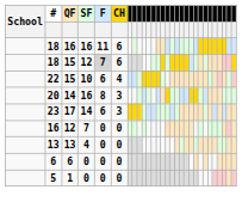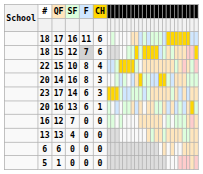 <table class="wikitable sortable sticky-table-head sticky-table-col1" style="font-size:90%; text-align: center;">
 <tr>
 <th rowspan=2>School</th>
 <th style="background: #FFFFFF;">#</th>
 <th style="background: #FFE6BD;">QF</th>
 <th style="background: #ddffdd;">SF</th>
 <th style="background: #D0E7FF;">F</th>
 <th style="background: gold;">CH</th>
 <th style="background: #000000;"></th>
 <th style="background: #000000;"></th>
 <th style="background: #000000;"></th>
 <th style="background: #000000;"></th>
 <th style="background: #000000;"></th>
 <th style="background: #000000;"></th>
 <th style="background: #000000;"></th>
 <th style="background: #000000;"></th>
 <th style="background: #000000;"></th>
 <th style="background: #000000;"></th>
 <th style="background: #000000;"></th>
 <th style="background: #000000;"></th>
 <th style="background: #000000;"></th>
 <th style="background: #000000;"></th>
 <th style="background: #000000;"></th>
 <th style="background: #000000;"></th>
 <th style="background: #000000;"></th>
 <th style="background: #000000;"></th>
 <th style="background: #000000;"></th>
 <th style="background: #000000;"></th>
 <th style="background: #000000;"></th>
 <th style="background: #000000;"></th>
 <th style="background: #000000;"></th>
 </tr>
 <tr>
 <th class="sticky-table-none"><br></th>
 <th></th>
 <th></th>
 <th></th>
 <th></th>
 <th></th>
 <th></th>
 <th></th>
 <th></th>
 <th></th>
 <th></th>
 <th></th>
 <th></th>
 <th></th>
 <th></th>
 <th></th>
 <th></th>
 <th></th>
 <th></th>
 <th></th>
 <th></th>
 <th></th>
 <th></th>
 <th></th>
 <th></th>
 <th></th>
 <th></th>
 <th></th>
 </tr>
 <tr>
 <td><strong></strong></td>
 <td><strong>18</strong></td>
-<td><strong>16</strong></td>
+<td><strong>17</strong></td>
 <td><strong>16</strong></td>
 <td><strong>11</strong></td>
 <td><strong>6</strong></td>
 <td></td>
 <td style="background:#ddffdd"><strong></strong></td>
 <td></td>
 <td></td>
 <td></td>
 <td></td>
 <td style="background:#FFE6BD"><strong></strong></td>
 <td style="background:#FFE6BD"><strong></strong></td>
 <td style="background:#D0E7FF"><strong></strong></td>
 <td style="background:#ddffdd"><strong></strong></td>
 <td style="background:#D0E7FF"><strong></strong></td>
 <td style="background:#ddffdd"><strong></strong></td>
 <td style="background:#ddffdd"><strong></strong></td>
 <td style="background:#ddffdd"><strong></strong></td>
 <td style="background:#D0E7FF"><strong></strong></td>
 <td style="background:gold;"><strong></strong></td>
 <td style="background:gold;"><strong></strong></td>
 <td style="background:gold;"><strong></strong></td>
 <td style="background:gold;"><strong></strong></td>
 <td style="background:gold;"><strong></strong></td>
 <td style="background:gold;"><strong></strong></td>
 <td style="background:#D0E7FF"><strong></strong></td>
 <td style="background:#D0E7FF"><strong></strong></td>
 </tr>
 <tr>
 <td><strong></strong></td>
 <td><strong>18</strong></td>
 <td><strong>15</strong></td>
 <td><strong>12</strong></td>
 <td style="background: lightgrey;"><strong>7</strong></td>
 <td><strong>6</strong></td>
 <td style="background:#dddddd"><strong></strong></td>
 <td style="background:#dddddd"><strong></strong></td>
 <td style="background:#dddddd"><strong></strong></td>
 <td></td>
 <td></td>
 <td style="background:#ddffdd"><strong></strong></td>
 <td style="background:#ddffdd"><strong></strong></td>
 <td style="background:gold;"><strong></strong></td>
 <td style="background:#ddffdd"><strong></strong></td>
 <td style="background:gold;"><strong></strong></td>
 <td style="background:gold;"><strong></strong></td>
 <td style="background:gold;"><strong></strong></td>
 <td style="background:gold;"><strong></strong></td>
 <td style="background:#D0E7FF"><strong></strong></td>
 <td style="background:#ddffdd"><strong></strong></td>
 <td style="background:#FFE6BD"><strong></strong></td>
 <td style="background:#ddffdd"><strong></strong></td>
 <td style="background:#FFE6BD"><strong></strong></td>
 <td style="background:#FFE6BD"><strong></strong></td>
 <td style="background:#FFE6BD"><strong></strong></td>
 <td style="background:#FFCCCC"><strong></strong></td>
 <td style="background:#FFCCCC"><strong></strong></td>
 <td style="background:gold;"><strong></strong></td>
 </tr>
 <tr>
 <td><strong></strong></td>
 <td><strong>22</strong></td>
 <td><strong>15</strong></td>
 <td><strong>10</strong></td>
-<td><strong>6</strong></td>
+<td><strong>8</strong></td>
 <td><strong>4</strong></td>
 <td style="background:#D0E7FF"><strong></strong></td>
 <td style="background:#D0E7FF"><strong></strong></td>
 <td style="background:#ddffdd"><strong></strong></td>
 <td style="background:gold;"><strong></strong></td>
 <td style="background:gold;"><strong></strong></td>
 <td style="background:gold;"><strong></strong></td>
 <td style="background:gold;"><strong></strong></td>
 <td style="background:#ddffdd"><strong></strong></td>
 <td></td>
 <td style="background:#FFE6BD"><strong></strong></td>
 <td style="background:#FFE6BD"><strong></strong></td>
 <td style="background:#FFE6BD"><strong></strong></td>
 <td style="background:#FFE6BD"><strong></strong></td>
 <td style="background:#FFE6BD"><strong></strong></td>
 <td style="background:#FFE6BD"><strong></strong></td>
 <td style="background:#FFE6BD"><strong></strong></td>
 <td style="background:#FFE6BD"><strong></strong></td>
 <td style="background:#ddffdd"><strong></strong></td>
 <td style="background:#FFE6BD"><strong></strong></td>
 <td style="background:#FFCCCC"><strong></strong></td>
 <td style="background:#FFE6BD"><strong></strong></td>
 <td style="background:#ddffdd"><strong></strong></td>
 <td style="background:#FFCCCC"><strong></strong></td>
 </tr>
 <tr>
 <td><strong></strong></td>
 <td><strong>20</strong></td>
 <td><strong>14</strong></td>
 <td><strong>16</strong></td>
 <td><strong>8</strong></td>
 <td><strong>3</strong></td>
 <td></td>
 <td></td>
 <td style="background:#ddffdd"><strong></strong></td>
 <td style="background:#D0E7FF"><strong></strong></td>
 <td style="background:#ddffdd"><strong></strong></td>
 <td></td>
 <td style="background:#D0E7FF"><strong></strong></td>
 <td style="background:#FFE6BD"><strong></strong></td>
 <td style="background:gold;"><strong></strong></td>
 <td style="background:#ddffdd"><strong></strong></td>
 <td style="background:#ddffdd"><strong></strong></td>
 <td style="background:#D0E7FF"><strong></strong></td>
 <td style="background:#D0E7FF"><strong></strong></td>
 <td style="background:gold;"><strong></strong></td>
 <td style="background:gold;"><strong></strong></td>
 <td style="background:#ddffdd"><strong></strong></td>
 <td style="background:#D0E7FF"><strong></strong></td>
 <td style="background:#FFE6BD"><strong></strong></td>
 <td style="background:#FFE6BD"><strong></strong></td>
 <td style="background:#FFE6BD"><strong></strong></td>
 <td style="background:#ddffdd"><strong></strong></td>
 <td style="background:#ddffdd"><strong></strong></td>
 <td style="background:#ddffdd"><strong></strong></td>
 </tr>
 <tr>
 <td><strong></strong></td>
 <td><strong>23</strong></td>
 <td><strong>17</strong></td>
 <td><strong>14</strong></td>
 <td><strong>6</strong></td>
 <td><strong>3</strong></td>
 <td style="background:gold;"><strong></strong></td>
 <td style="background:gold;"><strong></strong></td>
 <td style="background:gold;"><strong></strong></td>
 <td style="background:#ddffdd"><strong></strong></td>
 <td style="background:#D0E7FF"><strong></strong></td>
 <td style="background:#D0E7FF"><strong></strong></td>
 <td style="background:#ddffdd"><strong></strong></td>
 <td style="background:#ddffdd"><strong></strong></td>
 <td style="background:#ddffdd"><strong></strong></td>
 <td style="background:#D0E7FF"><strong></strong></td>
 <td style="background:#ddffdd"><strong></strong></td>
 <td style="background:#FFE6BD"><strong></strong></td>
 <td style="background:#FFE6BD"><strong></strong></td>
 <td style="background:#FFE6BD"><strong></strong></td>
 <td style="background:#FFE6BD"><strong></strong></td>
 <td style="background:#FFE6BD"><strong></strong></td>
 <td style="background:#ddffdd"><strong></strong></td>
 <td style="background:#FFE6BD"><strong></strong></td>
 <td style="background:#D0E7FF"><strong></strong></td>
 <td style="background:#FFE6BD"><strong></strong></td>
 <td style="background:#D0E7FF"><strong></strong></td>
 <td style="background:#FFE6BD"><strong></strong></td>
 <td style="background:#FFE6BD"><strong></strong></td>
+</tr>
+<tr>
+<td><strong></strong></td>
+<td><strong>20</strong></td>
+<td><strong>16</strong></td>
+<td><strong>13</strong></td>
+<td><strong>6</strong></td>
+<td><strong>1</strong></td>
+<td style="background:#ddffdd"><strong></strong></td>
+<td></td>
+<td style="background:#D0E7FF"><strong></strong></td>
+<td></td>
+<td style="background:#ddffdd"><strong></strong></td>
+<td style="background:#ddffdd"><strong></strong></td>
+<td style="background:#FFE6BD"><strong></strong></td>
+<td style="background:#D0E7FF"><strong></strong></td>
+<td style="background:#FFE6BD"><strong></strong></td>
+<td></td>
+<td style="background:#FFE6BD"><strong></strong></td>
+<td style="background:#FFE6BD"><strong></strong></td>
+<td style="background:#ddffdd"><strong></strong></td>
+<td style="background:#ddffdd"><strong></strong></td>
+<td style="background:#FFE6BD"><strong></strong></td>
+<td style="background:#D0E7FF"><strong></strong></td>
+<td style="background:#FFE6BD"><strong></strong></td>
+<td style="background:#D0E7FF"><strong></strong></td>
+<td style="background:#ddffdd"><strong></strong></td>
+<td style="background:#D0E7FF"><strong></strong></td>
+<td style="background:#FFE6BD"><strong></strong></td>
+<td style="background:gold;"><strong></strong></td>
+<td style="background:#ddffdd"><strong></strong></td>
 </tr>
 <tr>
 <td><strong></strong></td>
 <td><strong>16</strong></td>
 <td><strong>12</strong></td>
 <td><strong>7</strong></td>
 <td><strong>0</strong></td>
 <td><strong>0</strong></td>
 <td style="background:#ddffdd"><strong></strong></td>
 <td style="background:#ddffdd"><strong></strong></td>
 <td></td>
 <td style="background:#ddffdd"><strong></strong></td>
 <td></td>
 <td></td>
 <td></td>
 <td></td>
 <td style="background:#FFE6BD"><strong></strong></td>
 <td style="background:#FFE6BD"><strong></strong></td>
 <td style="background:#FFE6BD"><strong></strong></td>
 <td style="background:#FFE6BD"><strong></strong></td>
 <td style="background:#FFE6BD"><strong></strong></td>
 <td style="background:#FFE6BD"><strong></strong></td>
 <td></td>
 <td style="background:#ddffdd"><strong></strong></td>
 <td></td>
 <td style="background:#ddffdd"><strong></strong></td>
 <td style="background:#ddffdd"><strong></strong></td>
 <td style="background:#ddffdd"><strong></strong></td>
 <td style="background:#FFE6BD"><strong></strong></td>
 <td style="background:#FFCCCC"><strong></strong></td>
 <td style="background:#FFE6BD"><strong></strong></td>
 </tr>
 <tr>
 <td><strong></strong></td>
 <td><strong>13</strong></td>
 <td><strong>13</strong></td>
 <td><strong>4</strong></td>
 <td><strong>0</strong></td>
 <td><strong>0</strong></td>
 <td style="background:#dddddd"><strong></strong></td>
 <td style="background:#dddddd"><strong></strong></td>
 <td style="background:#dddddd"><strong></strong></td>
 <td></td>
 <td></td>
 <td></td>
 <td></td>
 <td></td>
 <td></td>
 <td></td>
 <td style="background:#FFE6BD"><strong></strong></td>
 <td style="background:#ddffdd"><strong></strong></td>
 <td style="background:#FFE6BD"><strong></strong></td>
 <td style="background:#FFE6BD"><strong></strong></td>
 <td style="background:#ddffdd"><strong></strong></td>
 <td style="background:#FFE6BD"><strong></strong></td>
 <td style="background:#FFE6BD"><strong></strong></td>
 <td style="background:#FFE6BD"><strong></strong></td>
 <td style="background:#FFE6BD"><strong></strong></td>
 <td style="background:#ddffdd"><strong></strong></td>
 <td style="background:#ddffdd"><strong></strong></td>
 <td style="background:#FFE6BD"><strong></strong></td>
 <td style="background:#FFE6BD"><strong></strong></td>
 </tr>
 <tr>
 <td><strong></strong></td>
 <td><strong>6</strong></td>
 <td><strong>6</strong></td>
 <td><strong>0</strong></td>
 <td><strong>0</strong></td>
 <td><strong>0</strong></td>
 <td style="background:#dddddd"><strong></strong></td>
 <td style="background:#dddddd"><strong></strong></td>
 <td style="background:#dddddd"><strong></strong></td>
 <td style="background:#dddddd"><strong></strong></td>
 <td style="background:#dddddd"><strong></strong></td>
 <td style="background:#dddddd"><strong></strong></td>
 <td style="background:#dddddd"><strong></strong></td>
 <td style="background:#dddddd"><strong></strong></td>
 <td style="background:#dddddd"><strong></strong></td>
 <td style="background:#dddddd"><strong></strong></td>
 <td style="background:#dddddd"><strong></strong></td>
 <td style="background:#dddddd"><strong></strong></td>
 <td style="background:#dddddd"><strong></strong></td>
 <td></td>
 <td style="background:#FFE6BD"><strong></strong></td>
 <td></td>
 <td style="background:#FFE6BD"><strong></strong></td>
 <td></td>
 <td></td>
 <td style="background:#FFE6BD"><strong></strong></td>
 <td style="background:#FFE6BD"><strong></strong></td>
 <td style="background:#FFE6BD"><strong></strong></td>
 <td style="background:#FFE6BD"><strong></strong></td>
 </tr>
 <tr>
 <td><strong></strong></td>
 <td><strong>5</strong></td>
 <td><strong>1</strong></td>
 <td><strong>0</strong></td>
 <td><strong>0</strong></td>
 <td><strong>0</strong></td>
 <td style="background:#dddddd"><strong></strong></td>
 <td style="background:#dddddd"><strong></strong></td>
 <td style="background:#dddddd"><strong></strong></td>
 <td style="background:#dddddd"><strong></strong></td>
 <td style="background:#dddddd"><strong></strong></td>
 <td style="background:#dddddd"><strong></strong></td>
 <td style="background:#dddddd"><strong></strong></td>
 <td style="background:#dddddd"><strong></strong></td>
 <td style="background:#dddddd"><strong></strong></td>
 <td style="background:#dddddd"><strong></strong></td>
 <td style="background:#dddddd"><strong></strong></td>
 <td style="background:#dddddd"><strong></strong></td>
 <td style="background:#dddddd"><strong></strong></td>
 <td style="background:#dddddd"><strong></strong></td>
 <td style="background:#dddddd"><strong></strong></td>
 <td></td>
 <td></td>
 <td></td>
 <td style="background:#FFCCCC"><strong></strong></td>
 <td style="background:#FFCCCC"><strong></strong></td>
 <td style="background:#FFCCCC"><strong></strong></td>
 <td style="background:#FFE6BD"><strong></strong></td>
 <td style="background:#FFCCCC"><strong></strong></td>
 </tr>
 </table>
